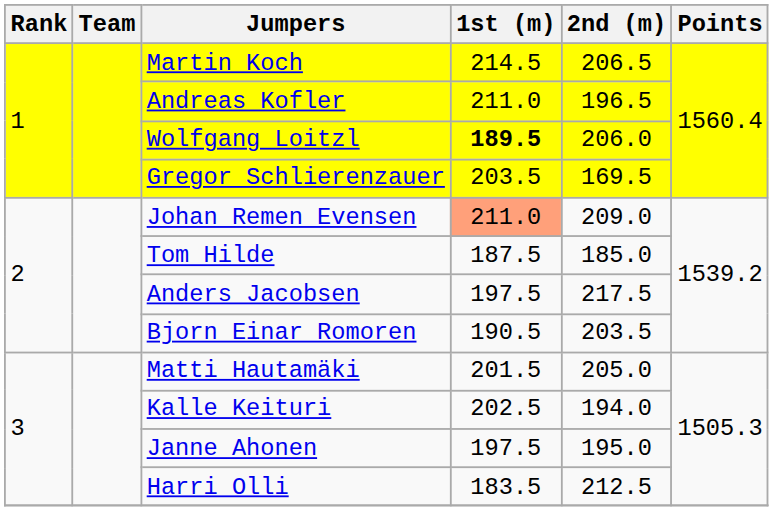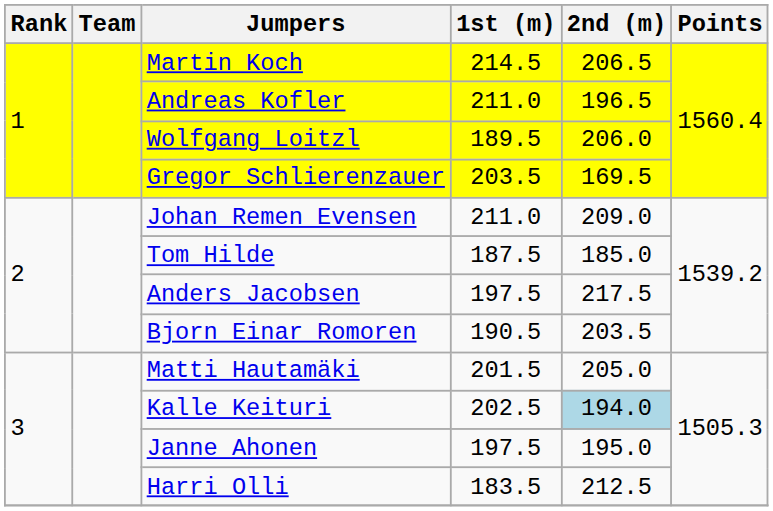 <table class="wikitable">
 <tr>
 <th align=left>Rank</th>
 <th>Team</th>
 <th>Jumpers</th>
 <th align=Center>1st (m)</th>
 <th>2nd (m)</th>
 <th>Points</th>
 </tr>
 <tr style="background:#FFFF00;">
 <td align=left rowspan="4">1</td>
 <td align=left rowspan="4"></td>
 <td align=left><a href='#'>Martin Koch</a></td>
 <td align=center>214.5</td>
 <td align=center>206.5</td>
 <td align=center rowspan="4">1560.4</td>
 </tr>
 <tr style="background:#FFFF00;">
 <td align=left><a href='#'>Andreas Kofler</a></td>
 <td align=center>211.0</td>
 <td align=center>196.5</td>
 </tr>
 <tr style="background:#FFFF00;">
 <td align=left><a href='#'>Wolfgang Loitzl</a></td>
-<td align=center><strong>189.5</strong></td>
+<td align=center>189.5</td>
 <td align=center>206.0</td>
 </tr>
 <tr style="background:#FFFF00;">
 <td align=left><a href='#'>Gregor Schlierenzauer</a></td>
 <td align=center>203.5</td>
 <td align=center>169.5</td>
 </tr>
 <tr>
 <td align=left rowspan="4">2</td>
 <td align=left rowspan="4"></td>
 <td align=left><a href='#'>Johan Remen Evensen</a></td>
-<td align=center style="background: lightsalmon;">211.0</td>
+<td align=center>211.0</td>
 <td align=center>209.0</td>
 <td align=center rowspan="4">1539.2</td>
 </tr>
 <tr>
 <td align=left><a href='#'>Tom Hilde</a></td>
 <td align=center>187.5</td>
 <td align=center>185.0</td>
 </tr>
 <tr>
 <td align=left><a href='#'>Anders Jacobsen</a></td>
 <td align=center>197.5</td>
 <td align=center>217.5</td>
 </tr>
 <tr>
 <td align=left><a href='#'>Bjorn Einar Romoren</a></td>
 <td align=center>190.5</td>
 <td align=center>203.5</td>
 </tr>
 <tr>
 <td align=left rowspan="4">3</td>
 <td align=left rowspan="4"></td>
 <td align=left><a href='#'>Matti Hautamäki</a></td>
 <td align=center>201.5</td>
 <td align=center>205.0</td>
 <td align=center rowspan="4">1505.3</td>
 </tr>
 <tr>
 <td align=left><a href='#'>Kalle Keituri</a></td>
 <td align=center>202.5</td>
-<td align=center>194.0</td>
+<td align=center style="background: lightblue;">194.0</td>
 </tr>
 <tr>
 <td align=left><a href='#'>Janne Ahonen</a></td>
 <td align=center>197.5</td>
 <td align=center>195.0</td>
 </tr>
 <tr>
 <td align=left><a href='#'>Harri Olli</a></td>
 <td align=center>183.5</td>
 <td align=center>212.5</td>
 </tr>
 <tr>
 </tr>
 </table>
